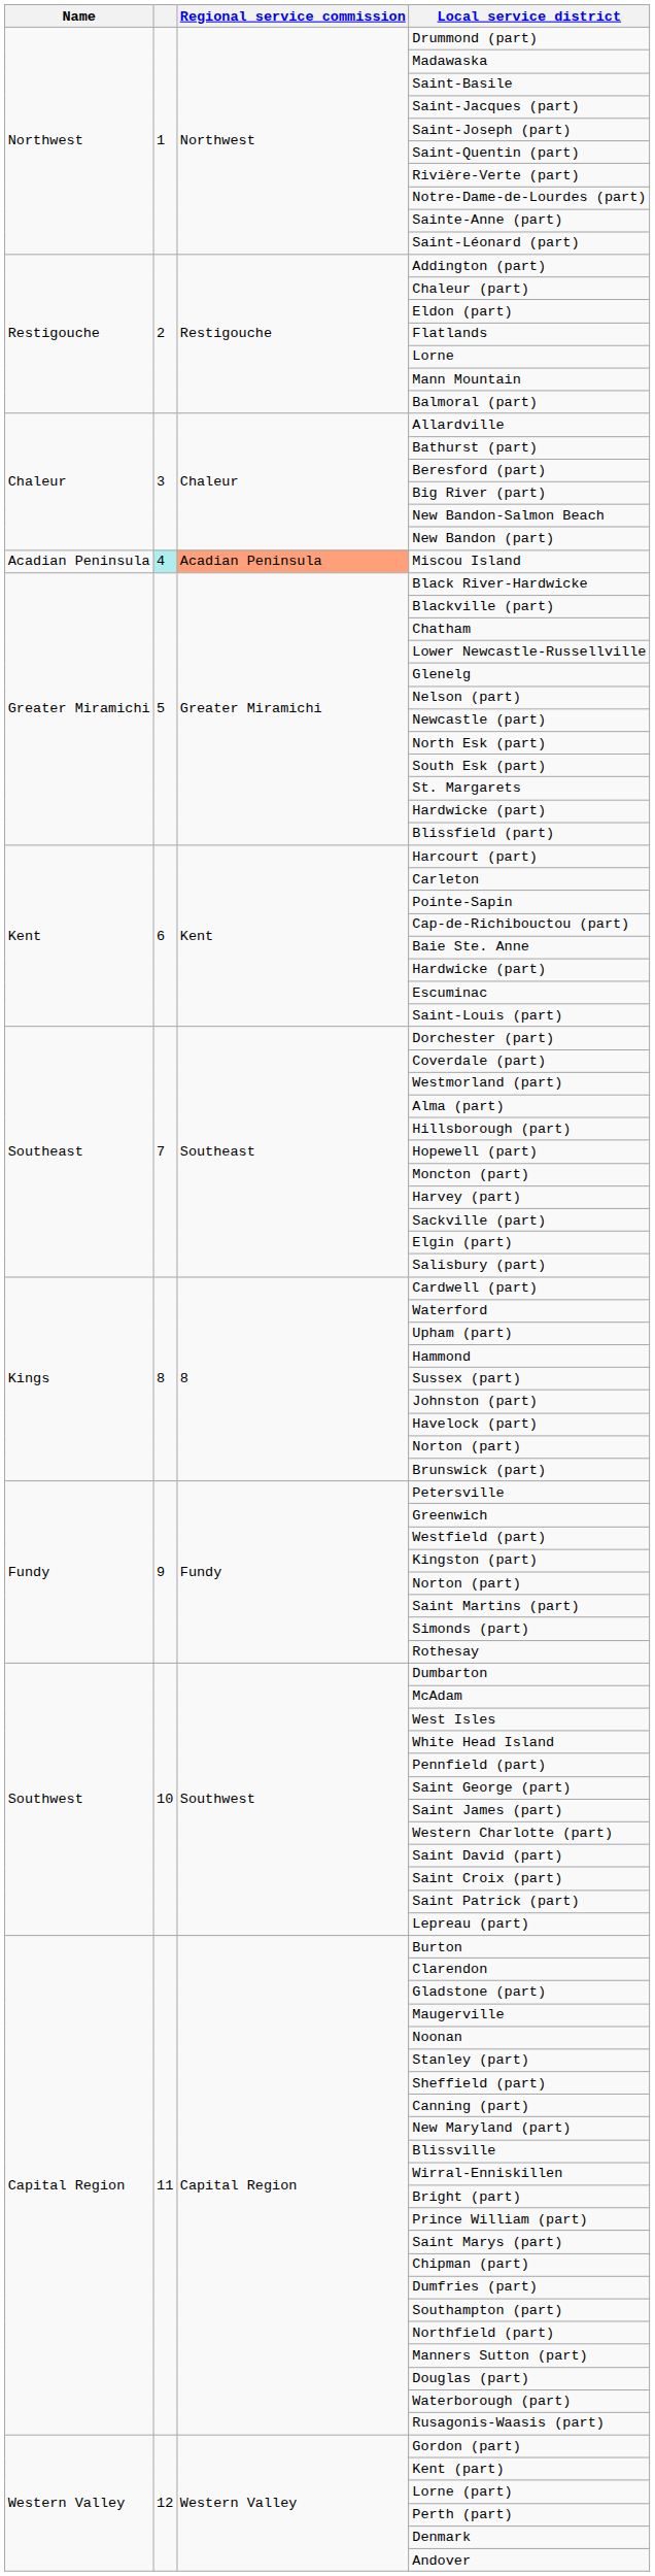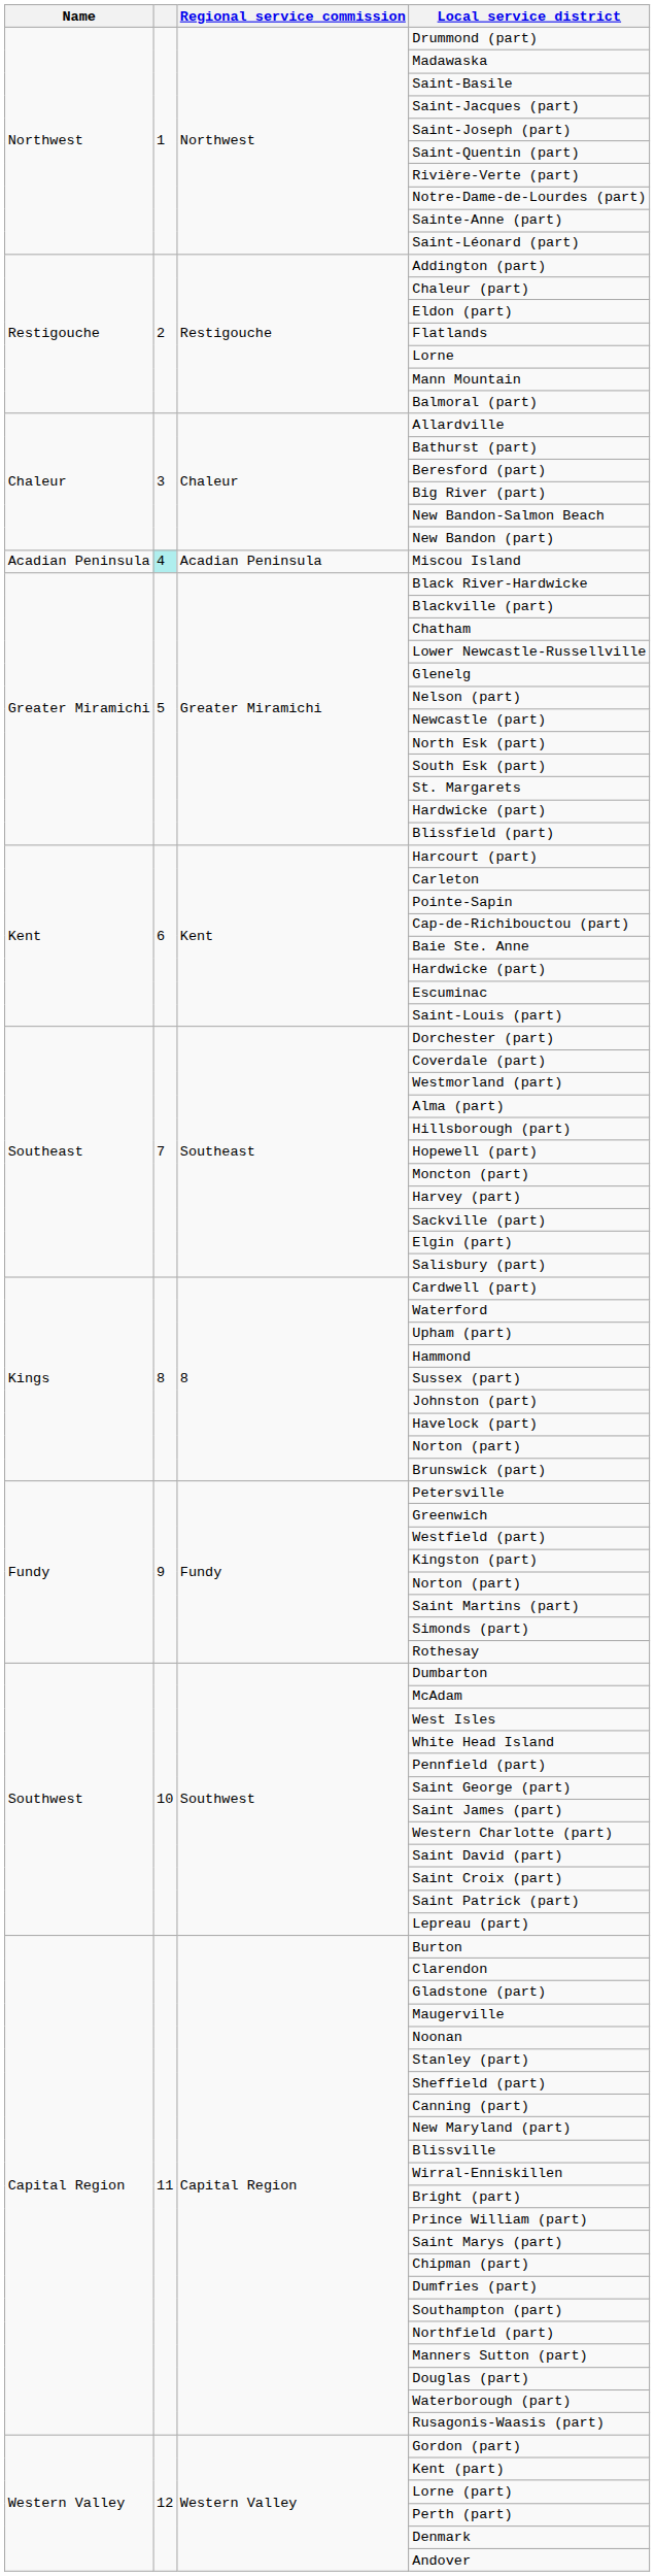 <table class="wikitable">
 <tr>
 <th>Name</th>
 <th></th>
 <th><a href='#'>Regional service commission</a></th>
 <th><a href='#'>Local service district</a></th>
 </tr>
 <tr>
 <td rowspan="10">Northwest</td>
 <td rowspan="10">1</td>
 <td rowspan="10">Northwest</td>
 <td>Drummond (part)</td>
 </tr>
 <tr>
 <td>Madawaska</td>
 </tr>
 <tr>
 <td>Saint-Basile</td>
 </tr>
 <tr>
 <td>Saint-Jacques (part)</td>
 </tr>
 <tr>
 <td>Saint-Joseph (part)</td>
 </tr>
 <tr>
 <td>Saint-Quentin (part)</td>
 </tr>
 <tr>
 <td>Rivière-Verte (part)</td>
 </tr>
 <tr>
 <td>Notre-Dame-de-Lourdes (part)</td>
 </tr>
 <tr>
 <td>Sainte-Anne (part)</td>
 </tr>
 <tr>
 <td>Saint-Léonard (part)</td>
 </tr>
 <tr>
 <td rowspan="7">Restigouche</td>
 <td rowspan="7">2</td>
 <td rowspan="7">Restigouche</td>
 <td>Addington (part)</td>
 </tr>
 <tr>
 <td>Chaleur (part)</td>
 </tr>
 <tr>
 <td>Eldon (part)</td>
 </tr>
 <tr>
 <td>Flatlands</td>
 </tr>
 <tr>
 <td>Lorne</td>
 </tr>
 <tr>
 <td>Mann Mountain</td>
 </tr>
 <tr>
 <td>Balmoral (part)</td>
 </tr>
 <tr>
 <td rowspan="6">Chaleur</td>
 <td rowspan="6">3</td>
 <td rowspan="6">Chaleur</td>
 <td>Allardville</td>
 </tr>
 <tr>
 <td>Bathurst (part)</td>
 </tr>
 <tr>
 <td>Beresford (part)</td>
 </tr>
 <tr>
 <td>Big River (part)</td>
 </tr>
 <tr>
 <td>New Bandon-Salmon Beach</td>
 </tr>
 <tr>
 <td>New Bandon (part)</td>
 </tr>
 <tr>
 <td>Acadian Peninsula</td>
 <td style="background: paleturquoise;">4</td>
-<td style="background: lightsalmon;">Acadian Peninsula</td>
+<td>Acadian Peninsula</td>
 <td>Miscou Island</td>
 </tr>
 <tr>
 <td rowspan="12">Greater Miramichi</td>
 <td rowspan="12">5</td>
 <td rowspan="12">Greater Miramichi</td>
 <td>Black River-Hardwicke</td>
 </tr>
 <tr>
 <td>Blackville (part)</td>
 </tr>
 <tr>
 <td>Chatham</td>
 </tr>
 <tr>
 <td>Lower Newcastle-Russellville</td>
 </tr>
 <tr>
 <td>Glenelg</td>
 </tr>
 <tr>
 <td>Nelson (part)</td>
 </tr>
 <tr>
 <td>Newcastle (part)</td>
 </tr>
 <tr>
 <td>North Esk (part)</td>
 </tr>
 <tr>
 <td>South Esk (part)</td>
 </tr>
 <tr>
 <td>St. Margarets</td>
 </tr>
 <tr>
 <td>Hardwicke (part)</td>
 </tr>
 <tr>
 <td>Blissfield (part)</td>
 </tr>
 <tr>
 <td rowspan="8">Kent</td>
 <td rowspan="8">6</td>
 <td rowspan="8">Kent</td>
 <td>Harcourt (part)</td>
 </tr>
 <tr>
 <td>Carleton</td>
 </tr>
 <tr>
 <td>Pointe-Sapin</td>
 </tr>
 <tr>
 <td>Cap-de-Richibouctou (part)</td>
 </tr>
 <tr>
 <td>Baie Ste. Anne</td>
 </tr>
 <tr>
 <td>Hardwicke (part)</td>
 </tr>
 <tr>
 <td>Escuminac</td>
 </tr>
 <tr>
 <td>Saint-Louis (part)</td>
 </tr>
 <tr>
 <td rowspan="11">Southeast</td>
 <td rowspan="11">7</td>
 <td rowspan="11">Southeast</td>
 <td>Dorchester (part)</td>
 </tr>
 <tr>
 <td>Coverdale (part)</td>
 </tr>
 <tr>
 <td>Westmorland (part)</td>
 </tr>
 <tr>
 <td>Alma (part)</td>
 </tr>
 <tr>
 <td>Hillsborough (part)</td>
 </tr>
 <tr>
 <td>Hopewell (part)</td>
 </tr>
 <tr>
 <td>Moncton (part)</td>
 </tr>
 <tr>
 <td>Harvey (part)</td>
 </tr>
 <tr>
 <td>Sackville (part)</td>
 </tr>
 <tr>
 <td>Elgin (part)</td>
 </tr>
 <tr>
 <td>Salisbury (part)</td>
 </tr>
 <tr>
 <td rowspan="9">Kings</td>
 <td rowspan="9">8</td>
 <td rowspan="9">8</td>
 <td>Cardwell (part)</td>
 </tr>
 <tr>
 <td>Waterford</td>
 </tr>
 <tr>
 <td>Upham (part)</td>
 </tr>
 <tr>
 <td>Hammond</td>
 </tr>
 <tr>
 <td>Sussex (part)</td>
 </tr>
 <tr>
 <td>Johnston (part)</td>
 </tr>
 <tr>
 <td>Havelock (part)</td>
 </tr>
 <tr>
 <td>Norton (part)</td>
 </tr>
 <tr>
 <td>Brunswick (part)</td>
 </tr>
 <tr>
 <td rowspan="8">Fundy</td>
 <td rowspan="8">9</td>
 <td rowspan="8">Fundy</td>
 <td>Petersville</td>
 </tr>
 <tr>
 <td>Greenwich</td>
 </tr>
 <tr>
 <td>Westfield (part)</td>
 </tr>
 <tr>
 <td>Kingston (part)</td>
 </tr>
 <tr>
 <td>Norton (part)</td>
 </tr>
 <tr>
 <td>Saint Martins (part)</td>
 </tr>
 <tr>
 <td>Simonds (part)</td>
 </tr>
 <tr>
 <td>Rothesay</td>
 </tr>
 <tr>
 <td rowspan="12">Southwest</td>
 <td rowspan="12">10</td>
 <td rowspan="12">Southwest</td>
 <td>Dumbarton</td>
 </tr>
 <tr>
 <td>McAdam</td>
 </tr>
 <tr>
 <td>West Isles</td>
 </tr>
 <tr>
 <td>White Head Island</td>
 </tr>
 <tr>
 <td>Pennfield (part)</td>
 </tr>
 <tr>
 <td>Saint George (part)</td>
 </tr>
 <tr>
 <td>Saint James (part)</td>
 </tr>
 <tr>
 <td>Western Charlotte (part)</td>
 </tr>
 <tr>
 <td>Saint David (part)</td>
 </tr>
 <tr>
 <td>Saint Croix (part)</td>
 </tr>
 <tr>
 <td>Saint Patrick (part)</td>
 </tr>
 <tr>
 <td>Lepreau (part)</td>
 </tr>
 <tr>
 <td rowspan="22">Capital Region</td>
 <td rowspan="22">11</td>
 <td rowspan="22">Capital Region</td>
 <td>Burton</td>
 </tr>
 <tr>
 <td>Clarendon</td>
 </tr>
 <tr>
 <td>Gladstone (part)</td>
 </tr>
 <tr>
 <td>Maugerville</td>
 </tr>
 <tr>
 <td>Noonan</td>
 </tr>
 <tr>
 <td>Stanley (part)</td>
 </tr>
 <tr>
 <td>Sheffield (part)</td>
 </tr>
 <tr>
 <td>Canning (part)</td>
 </tr>
 <tr>
 <td>New Maryland (part)</td>
 </tr>
 <tr>
 <td>Blissville</td>
 </tr>
 <tr>
 <td>Wirral-Enniskillen</td>
 </tr>
 <tr>
 <td>Bright (part)</td>
 </tr>
 <tr>
 <td>Prince William (part)</td>
 </tr>
 <tr>
 <td>Saint Marys (part)</td>
 </tr>
 <tr>
 <td>Chipman (part)</td>
 </tr>
 <tr>
 <td>Dumfries (part)</td>
 </tr>
 <tr>
 <td>Southampton (part)</td>
 </tr>
 <tr>
 <td>Northfield (part)</td>
 </tr>
 <tr>
 <td>Manners Sutton (part)</td>
 </tr>
 <tr>
 <td>Douglas (part)</td>
 </tr>
 <tr>
 <td>Waterborough (part)</td>
 </tr>
 <tr>
 <td>Rusagonis-Waasis (part)</td>
 </tr>
 <tr>
 <td rowspan="6">Western Valley</td>
 <td rowspan="6">12</td>
 <td rowspan="6">Western Valley</td>
 <td>Gordon (part)</td>
 </tr>
 <tr>
 <td>Kent (part)</td>
 </tr>
 <tr>
 <td>Lorne (part)</td>
 </tr>
 <tr>
 <td>Perth (part)</td>
 </tr>
 <tr>
 <td>Denmark</td>
 </tr>
 <tr>
 <td>Andover</td>
 </tr>
 </table>
